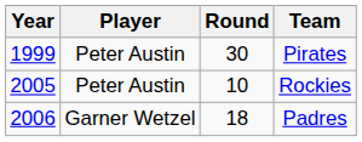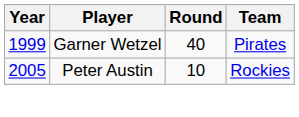 <table class="wikitable sortable" style="text-align: center;">
 <tr>
 <th>Year</th>
 <th>Player</th>
 <th>Round</th>
 <th>Team</th>
 </tr>
 <tr>
 <td><a href='#'>1999</a></td>
-<td data-sort-value="Austin Peter">Peter Austin</td>
-<td>30</td>
+<td data-sort-value="Wetzel Garner">Garner Wetzel</td>
+<td>40</td>
 <td><a href='#'>Pirates</a></td>
 </tr>
 <tr>
 <td><a href='#'>2005</a></td>
 <td data-sort-value="Austin Peter">Peter Austin</td>
 <td>10</td>
 <td><a href='#'>Rockies</a></td>
 </tr>
-<tr>
-<td><a href='#'>2006</a></td>
-<td data-sort-value="Wetzel Garner">Garner Wetzel</td>
-<td>18</td>
-<td><a href='#'>Padres</a></td>
-</tr>
 </table>
